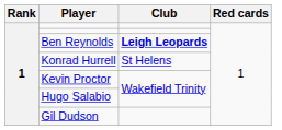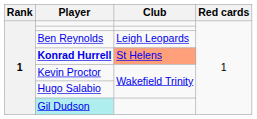 <table class="wikitable sortable" style="text-align:center">
 <tr>
 <th>Rank</th>
 <th>Player</th>
 <th>Club</th>
 <th> Red cards</th>
 </tr>
 <tr>
 <th Rowspan=7>1</th>
 <td align="left"></td>
 <td align="left"></td>
 <td Rowspan=7>1</td>
 </tr>
 <tr>
 <td align="left"></td>
 <td align="left"></td>
 </tr>
 <tr>
 <td align="left"> <a href='#'>Ben Reynolds</a></td>
-<td align="left"><strong> <a href='#'>Leigh Leopards</a></strong></td>
+<td align="left"> <a href='#'>Leigh Leopards</a></td>
 </tr>
 <tr>
-<td align="left"> <a href='#'>Konrad Hurrell</a></td>
-<td align="left"> <a href='#'>St Helens</a></td>
+<td align="left"><strong> <a href='#'>Konrad Hurrell</a></strong></td>
+<td align="left" style="background: lightsalmon;"> <a href='#'>St Helens</a></td>
 </tr>
 <tr>
 <td align="left"> <a href='#'>Kevin Proctor</a></td>
 <td align="left"Rowspan=2> <a href='#'>Wakefield Trinity</a></td>
 </tr>
 <tr>
 <td align="left"> <a href='#'>Hugo Salabio</a></td>
 </tr>
 <tr>
-<td align="left"> <a href='#'>Gil Dudson</a></td>
+<td align="left" style="background: paleturquoise;"> <a href='#'>Gil Dudson</a></td>
 <td align="left"></td>
 </tr>
 </table>
